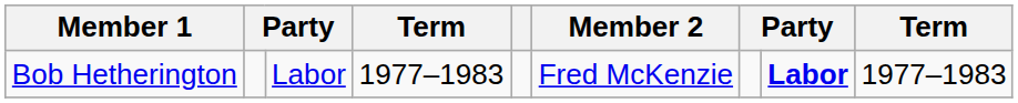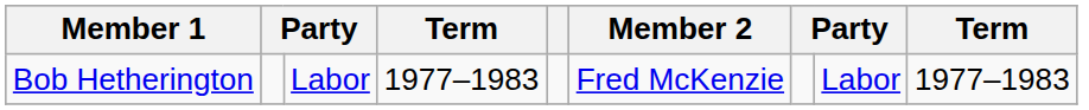 <table class="wikitable">
 <tr>
 <th>Member 1</th>
 <th colspan=2>Party</th>
 <th>Term</th>
 <th></th>
 <th>Member 2</th>
 <th colspan=2>Party</th>
 <th>Term</th>
 </tr>
 <tr>
 <td><a href='#'>Bob Hetherington</a></td>
 <td> </td>
 <td><a href='#'>Labor</a></td>
 <td>1977–1983</td>
 <td> </td>
 <td><a href='#'>Fred McKenzie</a></td>
 <td> </td>
-<td><strong><a href='#'>Labor</a></strong></td>
+<td><a href='#'>Labor</a></td>
 <td>1977–1983</td>
 </tr>
 </table>
